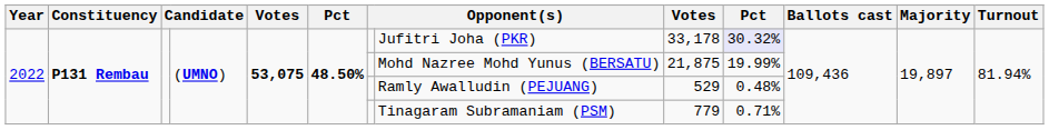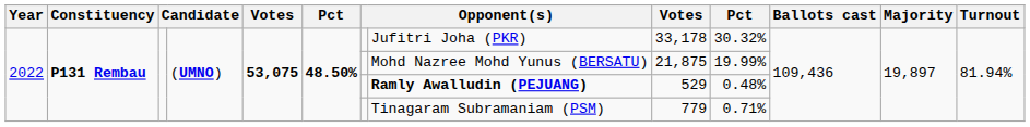 <table class="wikitable" style="margin:0.5em ; font-size:95%">
 <tr>
 <th>Year</th>
 <th>Constituency</th>
 <th colspan=2>Candidate</th>
 <th>Votes</th>
 <th>Pct</th>
 <th colspan=2>Opponent(s)</th>
 <th>Votes</th>
 <th>Pct</th>
 <th>Ballots cast</th>
 <th>Majority</th>
 <th>Turnout</th>
 </tr>
 <tr>
 <td rowspan="4"><a href='#'>2022</a></td>
 <td rowspan="4"><strong>P131 <a href='#'>Rembau</a></strong></td>
 <td rowspan="4" ></td>
 <td rowspan="4"> (<a href='#'><strong>UMNO</strong></a>)</td>
 <td rowspan="4" align="right"><strong>53,075</strong></td>
 <td rowspan="4"><strong>48.50%</strong></td>
 <td></td>
 <td>Jufitri Joha (<a href='#'>PKR</a>)</td>
 <td align="right">33,178</td>
-<td style="background: lavender;">30.32%</td>
+<td>30.32%</td>
 <td rowspan="4">109,436</td>
 <td rowspan="4">19,897</td>
 <td rowspan="4">81.94%</td>
 </tr>
 <tr>
 <td bgcolor=></td>
 <td>Mohd Nazree Mohd Yunus (<a href='#'>BERSATU</a>)</td>
 <td align="right">21,875</td>
 <td>19.99%</td>
 </tr>
 <tr>
 <td bgcolor=></td>
-<td>Ramly Awalludin (<a href='#'>PEJUANG</a>)</td>
+<td><strong>Ramly Awalludin (<a href='#'>PEJUANG</a>)</strong></td>
 <td align="right">529</td>
 <td align=right>0.48%</td>
 </tr>
 <tr>
 <td bgcolor=></td>
 <td>Tinagaram Subramaniam (<a href='#'>PSM</a>)</td>
 <td align="right">779</td>
 <td align=right>0.71%</td>
 </tr>
 </table>
